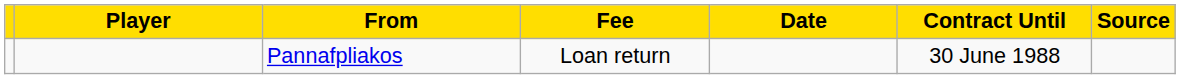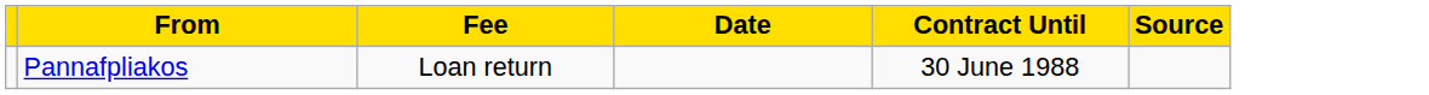 <table class="wikitable sortable">
 <tr>
 <th style="background:#FFDE00"></th>
-<th width=200 style="background:#FFDE00">Player</th>
 <th width=200 style="background:#FFDE00">From</th>
 <th width=150 style="background:#FFDE00">Fee</th>
 <th width=150 style="background:#FFDE00">Date</th>
 <th width=150 style="background:#FFDE00">Contract Until</th>
 <th style="background:#FFDE00">Source</th>
 </tr>
 <tr>
 <td align=center></td>
-<td></td>
 <td> <a href='#'>Pannafpliakos</a></td>
 <td align=center>Loan return</td>
 <td align=center></td>
 <td align=center>30 June 1988</td>
 <td align=center></td>
 </tr>
 </table>
